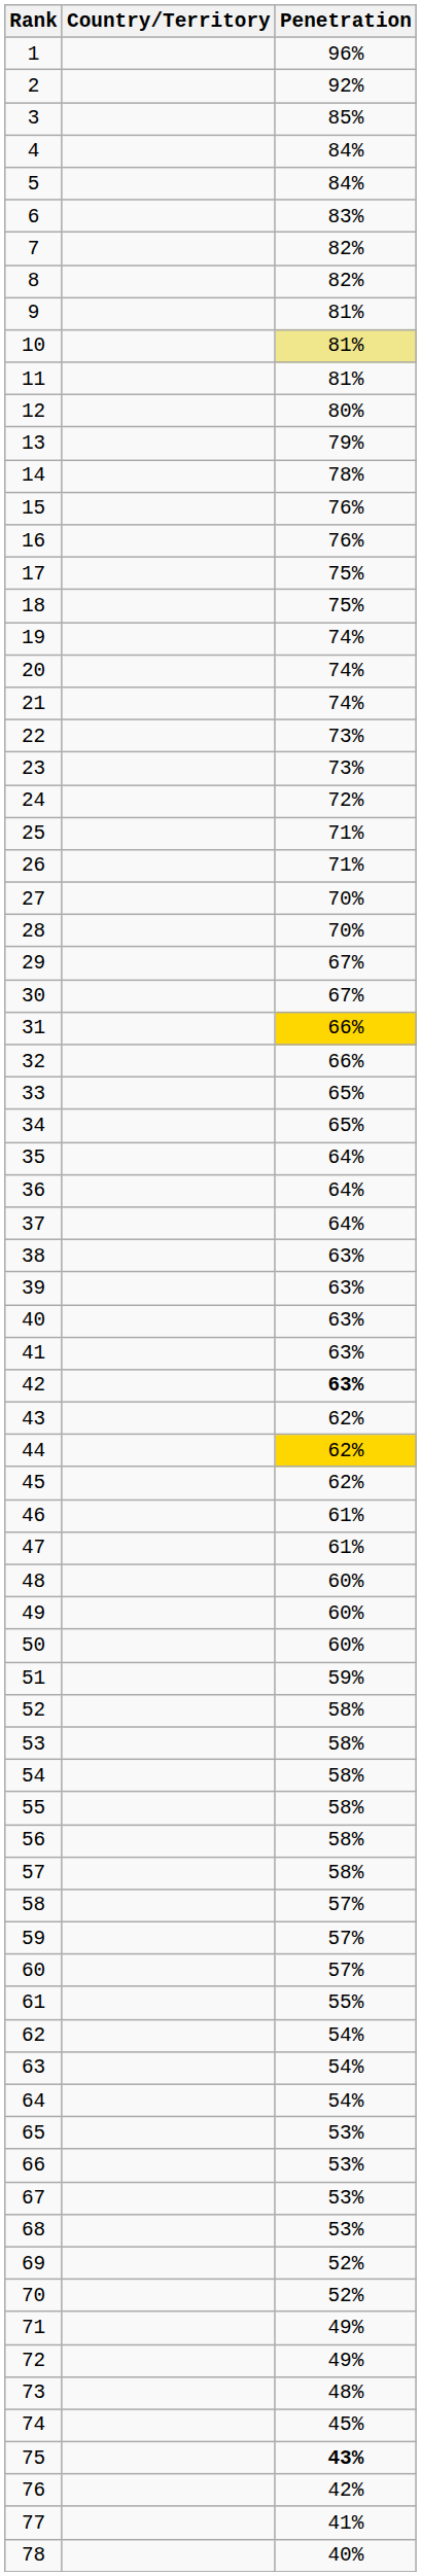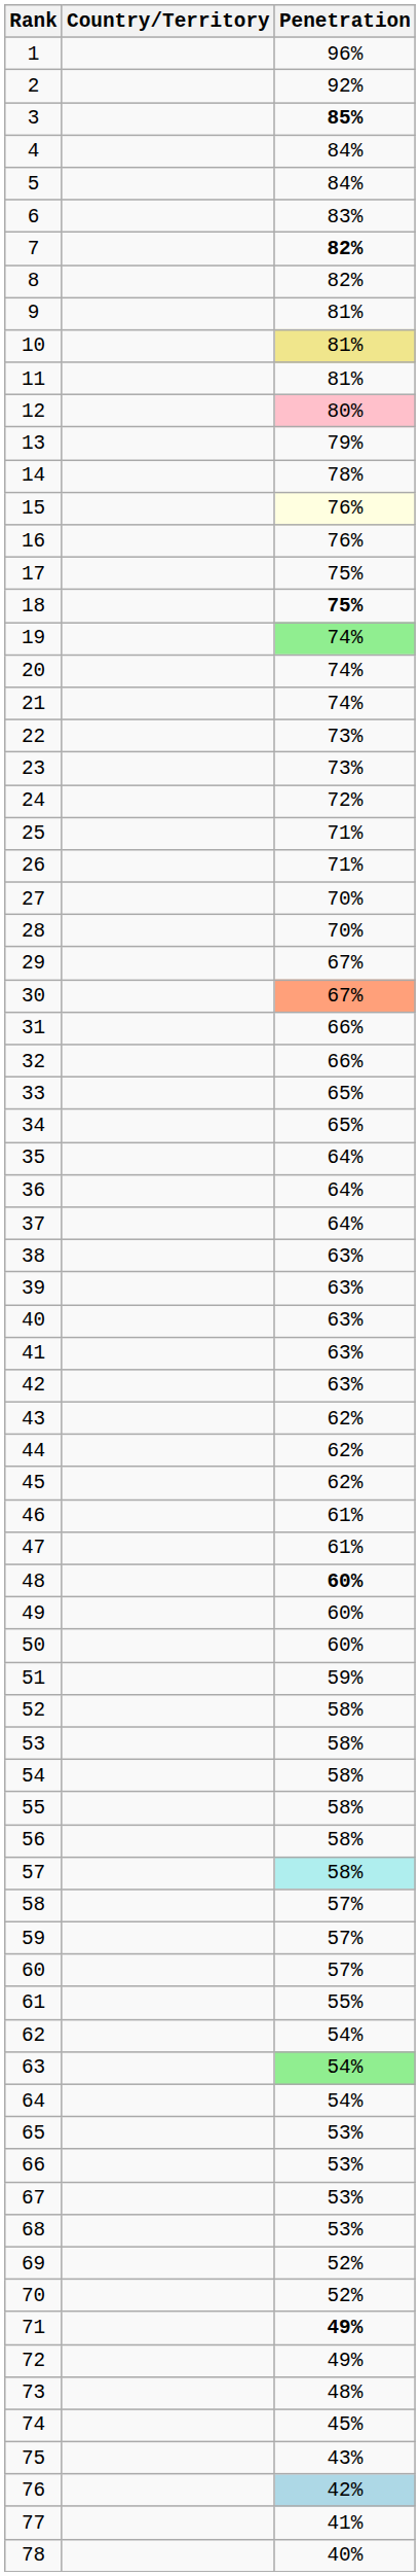 <table class="wikitable sortable" style="font-size: 100%; text-align: center; width: 15%;">
 <tr>
 <th>Rank</th>
 <th>Country/Territory</th>
 <th>Penetration</th>
 </tr>
 <tr>
 <td>1</td>
 <td style="text-align: left"></td>
 <td>96%</td>
 </tr>
 <tr>
 <td>2</td>
 <td style="text-align: left"></td>
 <td>92%</td>
 </tr>
 <tr>
 <td>3</td>
 <td style="text-align: left"></td>
-<td>85%</td>
+<td><strong>85%</strong></td>
 </tr>
 <tr>
 <td>4</td>
 <td style="text-align: left"></td>
 <td>84%</td>
 </tr>
 <tr>
 <td>5</td>
 <td style="text-align: left"></td>
 <td>84%</td>
 </tr>
 <tr>
 <td>6</td>
 <td style="text-align: left"></td>
 <td>83%</td>
 </tr>
 <tr>
 <td>7</td>
 <td style="text-align: left"></td>
-<td>82%</td>
+<td><strong>82%</strong></td>
 </tr>
 <tr>
 <td>8</td>
 <td style="text-align: left"></td>
 <td>82%</td>
 </tr>
 <tr>
 <td>9</td>
 <td style="text-align: left"></td>
 <td>81%</td>
 </tr>
 <tr>
 <td>10</td>
 <td style="text-align: left"></td>
 <td style="background: khaki;">81%</td>
 </tr>
 <tr>
 <td>11</td>
 <td style="text-align: left"></td>
 <td>81%</td>
 </tr>
 <tr>
 <td>12</td>
 <td style="text-align: left"></td>
-<td>80%</td>
+<td style="background: pink;">80%</td>
 </tr>
 <tr>
 <td>13</td>
 <td style="text-align: left"></td>
 <td>79%</td>
 </tr>
 <tr>
 <td>14</td>
 <td style="text-align: left"></td>
 <td>78%</td>
 </tr>
 <tr>
 <td>15</td>
 <td style="text-align: left"></td>
-<td>76%</td>
+<td style="background: lightyellow;">76%</td>
 </tr>
 <tr>
 <td>16</td>
 <td style="text-align: left"></td>
 <td>76%</td>
 </tr>
 <tr>
 <td>17</td>
 <td style="text-align: left"></td>
 <td>75%</td>
 </tr>
 <tr>
 <td>18</td>
 <td style="text-align: left"></td>
-<td>75%</td>
+<td><strong>75%</strong></td>
 </tr>
 <tr>
 <td>19</td>
 <td style="text-align: left"></td>
-<td>74%</td>
+<td style="background: lightgreen;">74%</td>
 </tr>
 <tr>
 <td>20</td>
 <td style="text-align: left"></td>
 <td>74%</td>
 </tr>
 <tr>
 <td>21</td>
 <td style="text-align: left"></td>
 <td>74%</td>
 </tr>
 <tr>
 <td>22</td>
 <td style="text-align: left"></td>
 <td>73%</td>
 </tr>
 <tr>
 <td>23</td>
 <td style="text-align: left"></td>
 <td>73%</td>
 </tr>
 <tr>
 <td>24</td>
 <td style="text-align: left"></td>
 <td>72%</td>
 </tr>
 <tr>
 <td>25</td>
 <td style="text-align: left"></td>
 <td>71%</td>
 </tr>
 <tr>
 <td>26</td>
 <td style="text-align: left"></td>
 <td>71%</td>
 </tr>
 <tr>
 <td>27</td>
 <td style="text-align: left"></td>
 <td>70%</td>
 </tr>
 <tr>
 <td>28</td>
 <td style="text-align: left"></td>
 <td>70%</td>
 </tr>
 <tr>
 <td>29</td>
 <td style="text-align: left"></td>
 <td>67%</td>
 </tr>
 <tr>
 <td>30</td>
 <td style="text-align: left"></td>
-<td>67%</td>
+<td style="background: lightsalmon;">67%</td>
 </tr>
 <tr>
 <td>31</td>
 <td style="text-align: left"></td>
-<td style="background: gold;">66%</td>
+<td>66%</td>
 </tr>
 <tr>
 <td>32</td>
 <td style="text-align: left"></td>
 <td>66%</td>
 </tr>
 <tr>
 <td>33</td>
 <td style="text-align: left"></td>
 <td>65%</td>
 </tr>
 <tr>
 <td>34</td>
 <td style="text-align: left"></td>
 <td>65%</td>
 </tr>
 <tr>
 <td>35</td>
 <td style="text-align: left"></td>
 <td>64%</td>
 </tr>
 <tr>
 <td>36</td>
 <td style="text-align: left"></td>
 <td>64%</td>
 </tr>
 <tr>
 <td>37</td>
 <td style="text-align: left"></td>
 <td>64%</td>
 </tr>
 <tr>
 <td>38</td>
 <td style="text-align: left"></td>
 <td>63%</td>
 </tr>
 <tr>
 <td>39</td>
 <td style="text-align: left"></td>
 <td>63%</td>
 </tr>
 <tr>
 <td>40</td>
 <td style="text-align: left"></td>
 <td>63%</td>
 </tr>
 <tr>
 <td>41</td>
 <td style="text-align: left"></td>
 <td>63%</td>
 </tr>
 <tr>
 <td>42</td>
 <td style="text-align: left"></td>
-<td><strong>63%</strong></td>
+<td>63%</td>
 </tr>
 <tr>
 <td>43</td>
 <td style="text-align: left"></td>
 <td>62%</td>
 </tr>
 <tr>
 <td>44</td>
 <td style="text-align: left"></td>
-<td style="background: gold;">62%</td>
+<td>62%</td>
 </tr>
 <tr>
 <td>45</td>
 <td style="text-align: left"></td>
 <td>62%</td>
 </tr>
 <tr>
 <td>46</td>
 <td style="text-align: left"></td>
 <td>61%</td>
 </tr>
 <tr>
 <td>47</td>
 <td style="text-align: left"></td>
 <td>61%</td>
 </tr>
 <tr>
 <td>48</td>
 <td style="text-align: left"></td>
-<td>60%</td>
+<td><strong>60%</strong></td>
 </tr>
 <tr>
 <td>49</td>
 <td style="text-align: left"></td>
 <td>60%</td>
 </tr>
 <tr>
 <td>50</td>
 <td style="text-align: left"></td>
 <td>60%</td>
 </tr>
 <tr>
 <td>51</td>
 <td style="text-align: left"></td>
 <td>59%</td>
 </tr>
 <tr>
 <td>52</td>
 <td style="text-align: left"></td>
 <td>58%</td>
 </tr>
 <tr>
 <td>53</td>
 <td style="text-align: left"></td>
 <td>58%</td>
 </tr>
 <tr>
 <td>54</td>
 <td style="text-align: left"></td>
 <td>58%</td>
 </tr>
 <tr>
 <td>55</td>
 <td style="text-align: left"></td>
 <td>58%</td>
 </tr>
 <tr>
 <td>56</td>
 <td style="text-align: left"></td>
 <td>58%</td>
 </tr>
 <tr>
 <td>57</td>
 <td style="text-align: left"></td>
-<td>58%</td>
+<td style="background: paleturquoise;">58%</td>
 </tr>
 <tr>
 <td>58</td>
 <td style="text-align: left"></td>
 <td>57%</td>
 </tr>
 <tr>
 <td>59</td>
 <td style="text-align: left"></td>
 <td>57%</td>
 </tr>
 <tr>
 <td>60</td>
 <td style="text-align: left"></td>
 <td>57%</td>
 </tr>
 <tr>
 <td>61</td>
 <td style="text-align: left"></td>
 <td>55%</td>
 </tr>
 <tr>
 <td>62</td>
 <td style="text-align: left"></td>
 <td>54%</td>
 </tr>
 <tr>
 <td>63</td>
 <td style="text-align: left"></td>
-<td>54%</td>
+<td style="background: lightgreen;">54%</td>
 </tr>
 <tr>
 <td>64</td>
 <td style="text-align: left"></td>
 <td>54%</td>
 </tr>
 <tr>
 <td>65</td>
 <td style="text-align: left"></td>
 <td>53%</td>
 </tr>
 <tr>
 <td>66</td>
 <td style="text-align: left"></td>
 <td>53%</td>
 </tr>
 <tr>
 <td>67</td>
 <td style="text-align: left"></td>
 <td>53%</td>
 </tr>
 <tr>
 <td>68</td>
 <td style="text-align: left"></td>
 <td>53%</td>
 </tr>
 <tr>
 <td>69</td>
 <td style="text-align: left"></td>
 <td>52%</td>
 </tr>
 <tr>
 <td>70</td>
 <td style="text-align: left"></td>
 <td>52%</td>
 </tr>
 <tr>
 <td>71</td>
 <td style="text-align: left"></td>
-<td>49%</td>
+<td><strong>49%</strong></td>
 </tr>
 <tr>
 <td>72</td>
 <td style="text-align: left"></td>
 <td>49%</td>
 </tr>
 <tr>
 <td>73</td>
 <td style="text-align: left"></td>
 <td>48%</td>
 </tr>
 <tr>
 <td>74</td>
 <td style="text-align: left"></td>
 <td>45%</td>
 </tr>
 <tr>
 <td>75</td>
 <td style="text-align: left"></td>
-<td><strong>43%</strong></td>
+<td>43%</td>
 </tr>
 <tr>
 <td>76</td>
 <td style="text-align: left"></td>
-<td>42%</td>
+<td style="background: lightblue;">42%</td>
 </tr>
 <tr>
 <td>77</td>
 <td style="text-align: left"></td>
 <td>41%</td>
 </tr>
 <tr>
 <td>78</td>
 <td style="text-align: left"></td>
 <td>40%</td>
 </tr>
 <tr>
 </tr>
 </table>
